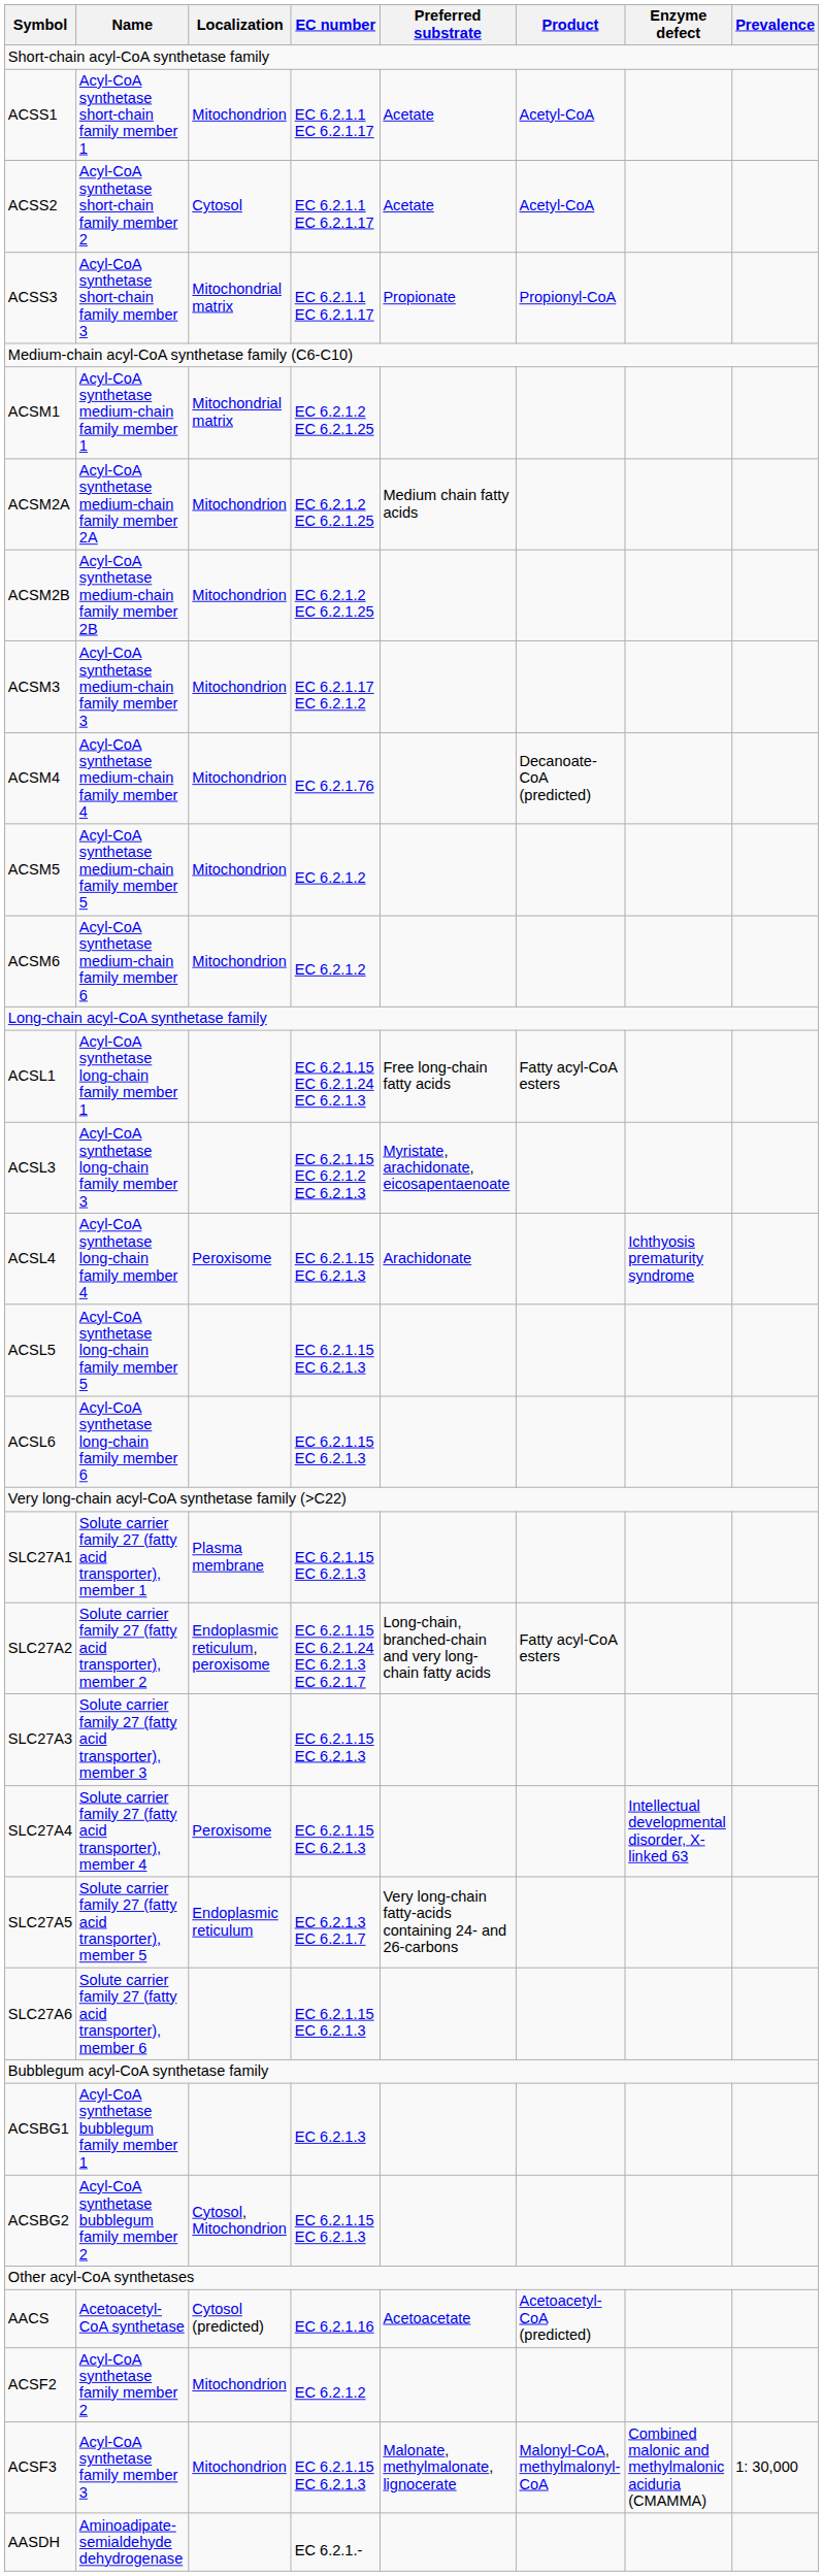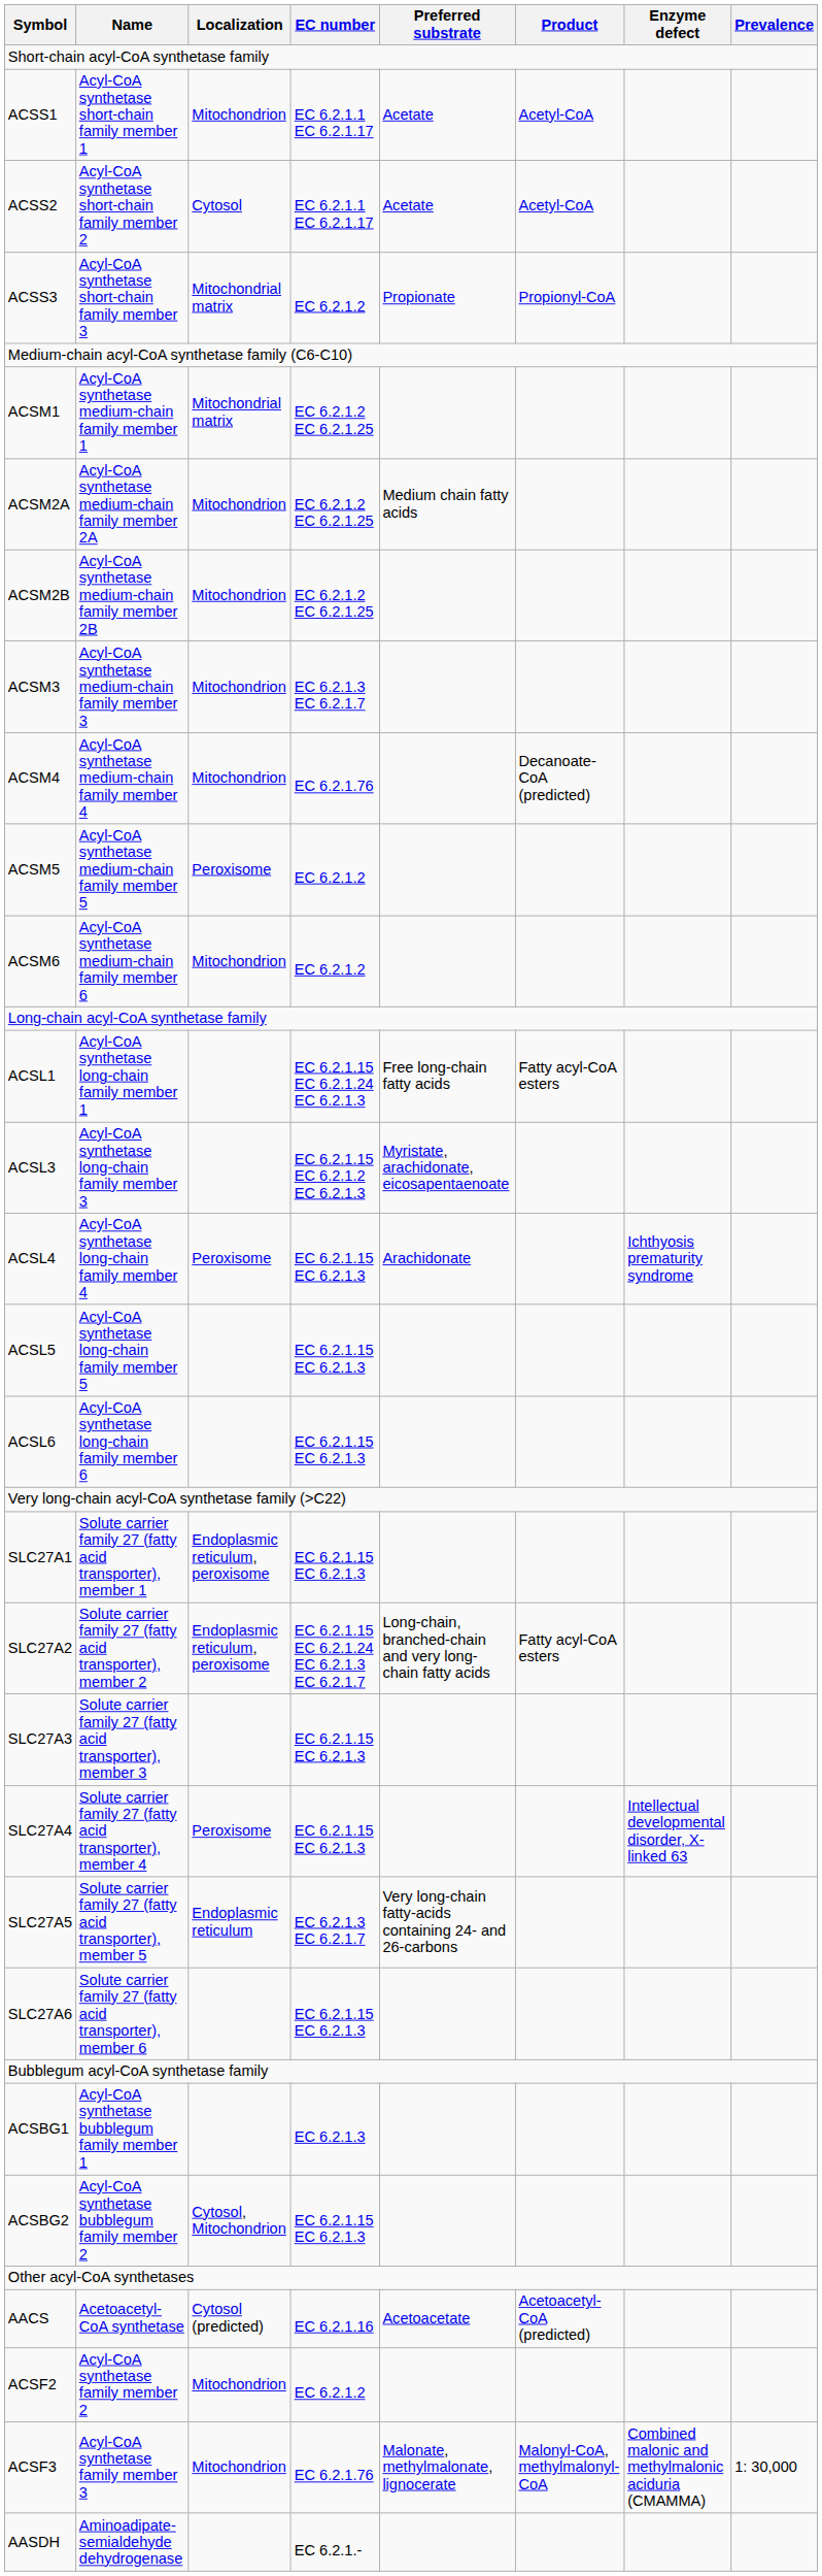 <table class="wikitable">
 <tr>
 <th>Symbol</th>
 <th>Name</th>
 <th>Localization</th>
 <th><a href='#'>EC number</a></th>
 <th>Preferred <a href='#'>substrate</a></th>
 <th><a href='#'>Product</a></th>
 <th>Enzyme defect</th>
 <th><a href='#'>Prevalence</a></th>
 </tr>
 <tr>
 <td colspan="8" >Short-chain acyl-CoA synthetase family</td>
 </tr>
 <tr>
 <td>ACSS1</td>
 <td><a href='#'>Acyl-CoA synthetase short-chain family member 1</a></td>
 <td><a href='#'>Mitochondrion</a></td>
 <td><br><a href='#'>EC 6.2.1.1</a> <a href='#'>EC 6.2.1.17</a></td>
 <td><a href='#'>Acetate</a></td>
 <td><a href='#'>Acetyl-CoA</a></td>
 <td></td>
 <td></td>
 </tr>
 <tr>
 <td>ACSS2</td>
 <td><a href='#'>Acyl-CoA synthetase short-chain family member 2</a></td>
 <td><a href='#'>Cytosol</a></td>
 <td><br><a href='#'>EC 6.2.1.1</a> <a href='#'>EC 6.2.1.17</a></td>
 <td><a href='#'>Acetate</a></td>
 <td><a href='#'>Acetyl-CoA</a></td>
 <td></td>
 <td></td>
 </tr>
 <tr>
 <td>ACSS3</td>
 <td><a href='#'>Acyl-CoA synthetase short-chain family member 3</a></td>
 <td><a href='#'>Mitochondrial matrix</a></td>
-<td><br><a href='#'>EC 6.2.1.1</a> <a href='#'>EC 6.2.1.17</a></td>
+<td><br><a href='#'>EC 6.2.1.2</a></td>
 <td><a href='#'>Propionate</a></td>
 <td><a href='#'>Propionyl-CoA</a></td>
 <td></td>
 <td></td>
 </tr>
 <tr>
 <td colspan="8" >Medium-chain acyl-CoA synthetase family (C6-C10)</td>
 </tr>
 <tr>
 <td>ACSM1</td>
 <td><a href='#'>Acyl-CoA synthetase medium-chain family member 1</a></td>
 <td><a href='#'>Mitochondrial matrix</a></td>
 <td><br><a href='#'>EC 6.2.1.2</a> <a href='#'>EC 6.2.1.25</a></td>
 <td></td>
 <td></td>
 <td></td>
 <td></td>
 </tr>
 <tr>
 <td>ACSM2A</td>
 <td><a href='#'>Acyl-CoA synthetase medium-chain family member 2A</a></td>
 <td><a href='#'>Mitochondrion</a></td>
 <td><br><a href='#'>EC 6.2.1.2</a> <a href='#'>EC 6.2.1.25</a></td>
 <td>Medium chain fatty acids</td>
 <td></td>
 <td></td>
 <td></td>
 </tr>
 <tr>
 <td>ACSM2B</td>
 <td><a href='#'>Acyl-CoA synthetase medium-chain family member 2B</a></td>
 <td><a href='#'>Mitochondrion</a></td>
 <td><br><a href='#'>EC 6.2.1.2</a> <a href='#'>EC 6.2.1.25</a></td>
 <td></td>
 <td></td>
 <td></td>
 <td></td>
 </tr>
 <tr>
 <td>ACSM3</td>
 <td><a href='#'>Acyl-CoA synthetase medium-chain family member 3</a></td>
 <td><a href='#'>Mitochondrion</a></td>
-<td><br><a href='#'>EC 6.2.1.17</a> <a href='#'>EC 6.2.1.2</a></td>
+<td><br><a href='#'>EC 6.2.1.3</a> <a href='#'>EC 6.2.1.7</a></td>
 <td></td>
 <td></td>
 <td></td>
 <td></td>
 </tr>
 <tr>
 <td>ACSM4</td>
 <td><a href='#'>Acyl-CoA synthetase medium-chain family member 4</a></td>
 <td><a href='#'>Mitochondrion</a></td>
 <td><br><a href='#'>EC 6.2.1.76</a></td>
 <td></td>
 <td>Decanoate-CoA (predicted)</td>
 <td></td>
 <td></td>
 </tr>
 <tr>
 <td>ACSM5</td>
 <td><a href='#'>Acyl-CoA synthetase medium-chain family member 5</a></td>
-<td><a href='#'>Mitochondrion</a></td>
+<td><a href='#'>Peroxisome</a></td>
 <td><br><a href='#'>EC 6.2.1.2</a></td>
 <td></td>
 <td></td>
 <td></td>
 <td></td>
 </tr>
 <tr>
 <td>ACSM6</td>
 <td><a href='#'>Acyl-CoA synthetase medium-chain family member 6</a></td>
 <td><a href='#'>Mitochondrion</a></td>
 <td><br><a href='#'>EC 6.2.1.2</a></td>
 <td></td>
 <td></td>
 <td></td>
 <td></td>
 </tr>
 <tr>
 <td colspan="8" ><a href='#'>Long-chain acyl-CoA synthetase family</a></td>
 </tr>
 <tr>
 <td>ACSL1</td>
 <td><a href='#'>Acyl-CoA synthetase long-chain family member 1</a></td>
 <td></td>
 <td><br><a href='#'>EC 6.2.1.15</a> <a href='#'>EC 6.2.1.24</a> <a href='#'>EC 6.2.1.3</a></td>
 <td>Free long-chain fatty acids</td>
 <td>Fatty acyl-CoA esters</td>
 <td></td>
 <td></td>
 </tr>
 <tr>
 <td>ACSL3</td>
 <td><a href='#'>Acyl-CoA synthetase long-chain family member 3</a></td>
 <td></td>
 <td><br><a href='#'>EC 6.2.1.15</a> <a href='#'>EC 6.2.1.2</a> <a href='#'>EC 6.2.1.3</a></td>
 <td><a href='#'>Myristate</a>, <a href='#'>arachidonate</a>, <a href='#'>eicosapentaenoate</a></td>
 <td></td>
 <td></td>
 <td></td>
 </tr>
 <tr>
 <td>ACSL4</td>
 <td><a href='#'>Acyl-CoA synthetase long-chain family member 4</a></td>
 <td><a href='#'>Peroxisome</a></td>
 <td><br><a href='#'>EC 6.2.1.15</a> <a href='#'>EC 6.2.1.3</a></td>
 <td><a href='#'>Arachidonate</a></td>
 <td></td>
 <td><a href='#'>Ichthyosis prematurity syndrome</a></td>
 <td></td>
 </tr>
 <tr>
 <td>ACSL5</td>
 <td><a href='#'>Acyl-CoA synthetase long-chain family member 5</a></td>
 <td></td>
 <td><br><a href='#'>EC 6.2.1.15</a> <a href='#'>EC 6.2.1.3</a></td>
 <td></td>
 <td></td>
 <td></td>
 <td></td>
 </tr>
 <tr>
 <td>ACSL6</td>
 <td><a href='#'>Acyl-CoA synthetase long-chain family member 6</a></td>
 <td></td>
 <td><br><a href='#'>EC 6.2.1.15</a> <a href='#'>EC 6.2.1.3</a></td>
 <td></td>
 <td></td>
 <td></td>
 <td></td>
 </tr>
 <tr>
 <td colspan="8" >Very long-chain acyl-CoA synthetase family (>C22)</td>
 </tr>
 <tr>
 <td>SLC27A1</td>
 <td><a href='#'>Solute carrier family 27 (fatty acid transporter), member 1</a></td>
-<td><a href='#'>Plasma membrane</a></td>
+<td><a href='#'>Endoplasmic reticulum</a>, <a href='#'>peroxisome</a></td>
 <td><br><a href='#'>EC 6.2.1.15</a> <a href='#'>EC 6.2.1.3</a></td>
 <td></td>
 <td></td>
 <td></td>
 <td></td>
 </tr>
 <tr>
 <td>SLC27A2</td>
 <td><a href='#'>Solute carrier family 27 (fatty acid transporter), member 2</a></td>
 <td><a href='#'>Endoplasmic reticulum</a>, <a href='#'>peroxisome</a></td>
 <td><br><a href='#'>EC 6.2.1.15</a> <a href='#'>EC 6.2.1.24</a> <a href='#'>EC 6.2.1.3</a> <a href='#'>EC 6.2.1.7</a></td>
 <td>Long-chain, branched-chain and very long-chain fatty acids</td>
 <td>Fatty acyl-CoA esters</td>
 <td></td>
 <td></td>
 </tr>
 <tr>
 <td>SLC27A3</td>
 <td><a href='#'>Solute carrier family 27 (fatty acid transporter), member 3</a></td>
 <td></td>
 <td><br><a href='#'>EC 6.2.1.15</a> <a href='#'>EC 6.2.1.3</a></td>
 <td></td>
 <td></td>
 <td></td>
 <td></td>
 </tr>
 <tr>
 <td>SLC27A4</td>
 <td><a href='#'>Solute carrier family 27 (fatty acid transporter), member 4</a></td>
 <td><a href='#'>Peroxisome</a></td>
 <td><br><a href='#'>EC 6.2.1.15</a> <a href='#'>EC 6.2.1.3</a></td>
 <td></td>
 <td></td>
 <td><a href='#'>Intellectual developmental disorder, X-linked 63</a></td>
 <td></td>
 </tr>
 <tr>
 <td>SLC27A5</td>
 <td><a href='#'>Solute carrier family 27 (fatty acid transporter), member 5</a></td>
 <td><a href='#'>Endoplasmic reticulum</a></td>
 <td><br><a href='#'>EC 6.2.1.3</a> <a href='#'>EC 6.2.1.7</a></td>
 <td>Very long-chain fatty-acids containing 24- and 26-carbons</td>
 <td></td>
 <td></td>
 <td></td>
 </tr>
 <tr>
 <td>SLC27A6</td>
 <td><a href='#'>Solute carrier family 27 (fatty acid transporter), member 6</a></td>
 <td></td>
 <td><br><a href='#'>EC 6.2.1.15</a> <a href='#'>EC 6.2.1.3</a></td>
 <td></td>
 <td></td>
 <td></td>
 <td></td>
 </tr>
 <tr>
 <td colspan="8" >Bubblegum acyl-CoA synthetase family</td>
 </tr>
 <tr>
 <td>ACSBG1</td>
 <td><a href='#'>Acyl-CoA synthetase bubblegum family member 1</a></td>
 <td></td>
 <td><br><a href='#'>EC 6.2.1.3</a></td>
 <td></td>
 <td></td>
 <td></td>
 <td></td>
 </tr>
 <tr>
 <td>ACSBG2</td>
 <td><a href='#'>Acyl-CoA synthetase bubblegum family member 2</a></td>
 <td><a href='#'>Cytosol</a>, <a href='#'>Mitochondrion</a></td>
 <td><br><a href='#'>EC 6.2.1.15</a> <a href='#'>EC 6.2.1.3</a></td>
 <td></td>
 <td></td>
 <td></td>
 <td></td>
 </tr>
 <tr>
 <td colspan="8" >Other acyl-CoA synthetases </td>
 </tr>
 <tr>
 <td>AACS</td>
 <td><a href='#'>Acetoacetyl-CoA synthetase</a></td>
 <td><a href='#'>Cytosol</a> (predicted)</td>
 <td><br><a href='#'>EC 6.2.1.16</a></td>
 <td><a href='#'>Acetoacetate</a></td>
 <td><a href='#'>Acetoacetyl-CoA</a> (predicted)</td>
 <td></td>
 <td></td>
 </tr>
 <tr>
 <td>ACSF2</td>
 <td><a href='#'>Acyl-CoA synthetase family member 2</a></td>
 <td><a href='#'>Mitochondrion</a></td>
 <td><br><a href='#'>EC 6.2.1.2</a></td>
 <td></td>
 <td></td>
 <td></td>
 <td></td>
 </tr>
 <tr>
 <td>ACSF3</td>
 <td><a href='#'>Acyl-CoA synthetase family member 3</a></td>
 <td><a href='#'>Mitochondrion</a></td>
-<td><br><a href='#'>EC 6.2.1.15</a> <a href='#'>EC 6.2.1.3</a></td>
+<td><br><a href='#'>EC 6.2.1.76</a></td>
 <td><a href='#'>Malonate</a>, <a href='#'>methylmalonate</a>, <a href='#'>lignocerate</a></td>
 <td><a href='#'>Malonyl-CoA</a>, <a href='#'>methylmalonyl-CoA</a></td>
 <td><a href='#'>Combined malonic and methylmalonic aciduria</a> (CMAMMA)</td>
 <td>1: 30,000</td>
 </tr>
 <tr>
 <td>AASDH</td>
 <td><a href='#'>Aminoadipate-semialdehyde dehydrogenase</a></td>
 <td></td>
 <td><br>EC 6.2.1.-</td>
 <td></td>
 <td></td>
 <td></td>
 <td></td>
 </tr>
 </table>
